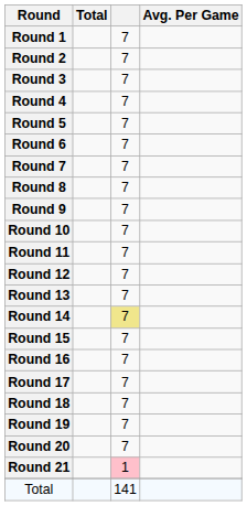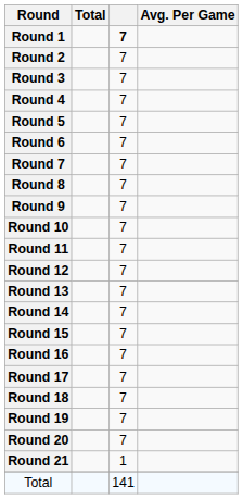 <table class="wikitable plainrowheaders sortable" style="text-align:center;">
 <tr>
 <th>Round</th>
 <th>Total</th>
 <th></th>
 <th>Avg. Per Game</th>
 </tr>
 <tr>
 <th scope='row'>Round 1</th>
 <td></td>
-<td>7</td>
+<td><strong>7</strong></td>
 <td></td>
 </tr>
 <tr>
 <th scope='row'>Round 2</th>
 <td></td>
 <td>7</td>
 <td></td>
 </tr>
 <tr>
 <th scope='row'>Round 3</th>
 <td></td>
 <td>7</td>
 <td></td>
 </tr>
 <tr>
 <th scope='row'>Round 4</th>
 <td></td>
 <td>7</td>
 <td></td>
 </tr>
 <tr>
 <th scope='row'>Round 5</th>
 <td></td>
 <td>7</td>
 <td></td>
 </tr>
 <tr>
 <th scope='row'>Round 6</th>
 <td></td>
 <td>7</td>
 <td></td>
 </tr>
 <tr>
 <th scope='row'>Round 7</th>
 <td></td>
 <td>7</td>
 <td></td>
 </tr>
 <tr>
 <th scope='row'>Round 8</th>
 <td></td>
 <td>7</td>
 <td></td>
 </tr>
 <tr>
 <th scope='row'>Round 9</th>
 <td></td>
 <td>7</td>
 <td></td>
 </tr>
 <tr>
 <th scope='row'>Round 10</th>
 <td></td>
 <td>7</td>
 <td></td>
 </tr>
 <tr>
 <th scope='row'>Round 11</th>
 <td></td>
 <td>7</td>
 <td></td>
 </tr>
 <tr>
 <th scope='row'>Round 12</th>
 <td></td>
 <td>7</td>
 <td></td>
 </tr>
 <tr>
 <th scope='row'>Round 13</th>
 <td></td>
 <td>7</td>
 <td></td>
 </tr>
 <tr>
 <th scope='row'>Round 14</th>
 <td></td>
-<td style="background: khaki;">7</td>
+<td>7</td>
 <td></td>
 </tr>
 <tr>
 <th scope='row'>Round 15</th>
 <td></td>
 <td>7</td>
 <td></td>
 </tr>
 <tr>
 <th scope='row'>Round 16</th>
 <td></td>
 <td>7</td>
 <td></td>
 </tr>
 <tr>
 <th scope='row'>Round 17</th>
 <td></td>
 <td>7</td>
 <td></td>
 </tr>
 <tr>
 <th scope='row'>Round 18</th>
 <td></td>
 <td>7</td>
 <td></td>
 </tr>
 <tr>
 <th scope='row'>Round 19</th>
 <td></td>
 <td>7</td>
 <td></td>
 </tr>
 <tr>
 <th scope='row'>Round 20</th>
 <td></td>
 <td>7</td>
 <td></td>
 </tr>
 <tr>
 <th scope='row'>Round 21</th>
 <td></td>
-<td style="background: pink;">1</td>
+<td>1</td>
 <td><br></td>
 </tr>
 <tr>
 </tr>
 <tr style="background:#f4faff;">
 <td>Total</td>
 <td></td>
 <td>141</td>
 <td></td>
 </tr>
 </table>
